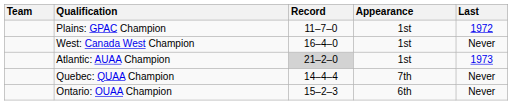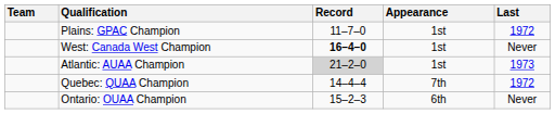 <table class="wikitable sortable" style="text-align: center;" width=800>
 <tr bgcolor="#efefef" style="text-align:center">
 <th style="text-align:left">Team</th>
 <th style="text-align:left">Qualification</th>
 <th style="text-align:left">Record</th>
 <th style="text-align:left">Appearance</th>
 <th style="text-align:left">Last</th>
 </tr>
 <tr style="text-align:center">
 <td style="text-align:left; "><a href='#'></a></td>
 <td style="text-align:left">Plains: <a href='#'>GPAC</a> Champion</td>
 <td style="text-align:center">11–7–0</td>
 <td style="text-align:center">1st</td>
 <td style="text-align:center"><a href='#'>1972</a></td>
 </tr>
 <tr style="text-align:center">
 <td style="text-align:left; "><a href='#'></a></td>
 <td style="text-align:left">West: <a href='#'>Canada West</a> Champion</td>
-<td style="text-align:center">16–4–0</td>
+<td style="text-align:center"><strong>16–4–0</strong></td>
 <td style="text-align:center">1st</td>
 <td style="text-align:center">Never</td>
 </tr>
 <tr style="text-align:center">
 <td style="text-align:left; "><a href='#'></a></td>
 <td style="text-align:left">Atlantic: <a href='#'>AUAA</a> Champion</td>
 <td style="background: lightgrey; text-align:center">21–2–0</td>
 <td style="text-align:center">1st</td>
 <td style="text-align:center"><a href='#'>1973</a></td>
 </tr>
 <tr style="text-align:center">
 <td style="text-align:left; "><a href='#'></a></td>
 <td style="text-align:left">Quebec: <a href='#'>QUAA</a> Champion</td>
 <td style="text-align:center">14–4–4</td>
 <td style="text-align:center">7th</td>
-<td style="text-align:center">Never</td>
+<td style="text-align:center"><a href='#'>1972</a></td>
 </tr>
 <tr style="text-align:center">
 <td style="text-align:left; "><a href='#'></a></td>
 <td style="text-align:left">Ontario: <a href='#'>OUAA</a> Champion</td>
 <td style="text-align:center">15–2–3</td>
 <td style="text-align:center">6th</td>
 <td style="text-align:center">Never</td>
 </tr>
 </table>
